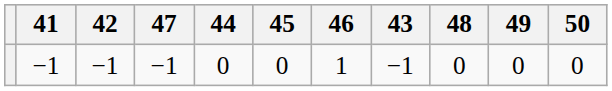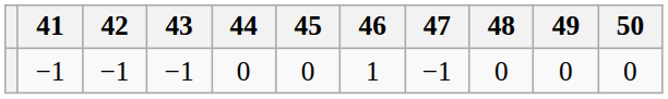 <table class="wikitable" style="text-align:center">
 <tr>
 <th></th>
 <th style="width: 30px;">41</th>
 <th style="width: 30px;">42</th>
-<th style="width: 30px;">47</th>
+<th style="width: 30px;">43</th>
 <th style="width: 30px;">44</th>
 <th style="width: 30px;">45</th>
 <th style="width: 30px;">46</th>
-<th style="width: 30px;">43</th>
+<th style="width: 30px;">47</th>
 <th style="width: 30px;">48</th>
 <th style="width: 30px;">49</th>
 <th style="width: 30px;">50</th>
 </tr>
 <tr>
 <th></th>
 <td>−1</td>
 <td>−1</td>
 <td>−1</td>
 <td>0</td>
 <td>0</td>
 <td>1</td>
 <td>−1</td>
 <td>0</td>
 <td>0</td>
 <td>0</td>
 </tr>
 </table>
